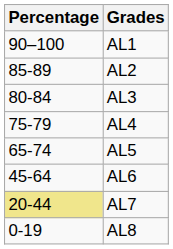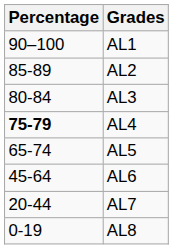 <table class="wikitable">
 <tr>
 <th>Percentage</th>
 <th>Grades</th>
 </tr>
 <tr>
 <td>90–100</td>
 <td>AL1</td>
 </tr>
 <tr>
 <td>85-89</td>
 <td>AL2</td>
 </tr>
 <tr>
 <td>80-84</td>
 <td>AL3</td>
 </tr>
 <tr>
-<td>75-79</td>
+<td><strong>75-79</strong></td>
 <td>AL4</td>
 </tr>
 <tr>
 <td>65-74</td>
 <td>AL5</td>
 </tr>
 <tr>
 <td>45-64</td>
 <td>AL6</td>
 </tr>
 <tr>
-<td style="background: khaki;">20-44</td>
+<td>20-44</td>
 <td>AL7</td>
 </tr>
 <tr>
 <td>0-19</td>
 <td>AL8</td>
 </tr>
 </table>
